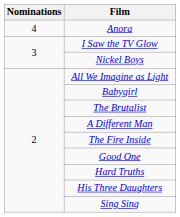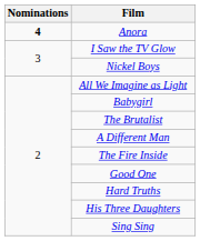 <table class="wikitable" rowspan=2 border=2 style="text-align:center;">
 <tr>
 <th scope="col" width="50">Nominations</th>
 <th scope="col" width="170">Film</th>
 </tr>
 <tr>
-<td>4</td>
+<td><strong>4</strong></td>
 <td><em><a href='#'>Anora</a></em></td>
 </tr>
 <tr>
 <td rowspan="2">3</td>
 <td><em><a href='#'>I Saw the TV Glow</a></em></td>
 </tr>
 <tr>
 <td><em><a href='#'>Nickel Boys</a></em></td>
 </tr>
 <tr>
 <td rowspan="9">2</td>
 <td><em><a href='#'>All We Imagine as Light</a></em></td>
 </tr>
 <tr>
 <td><em><a href='#'>Babygirl</a></em></td>
 </tr>
 <tr>
 <td><em><a href='#'>The Brutalist</a></em></td>
 </tr>
 <tr>
 <td><em><a href='#'>A Different Man</a></em></td>
 </tr>
 <tr>
 <td><em><a href='#'>The Fire Inside</a></em></td>
 </tr>
 <tr>
 <td><em><a href='#'>Good One</a></em></td>
 </tr>
 <tr>
 <td><em><a href='#'>Hard Truths</a></em></td>
 </tr>
 <tr>
 <td><em><a href='#'>His Three Daughters</a></em></td>
 </tr>
 <tr>
 <td><em><a href='#'>Sing Sing</a></em></td>
 </tr>
 </table>
